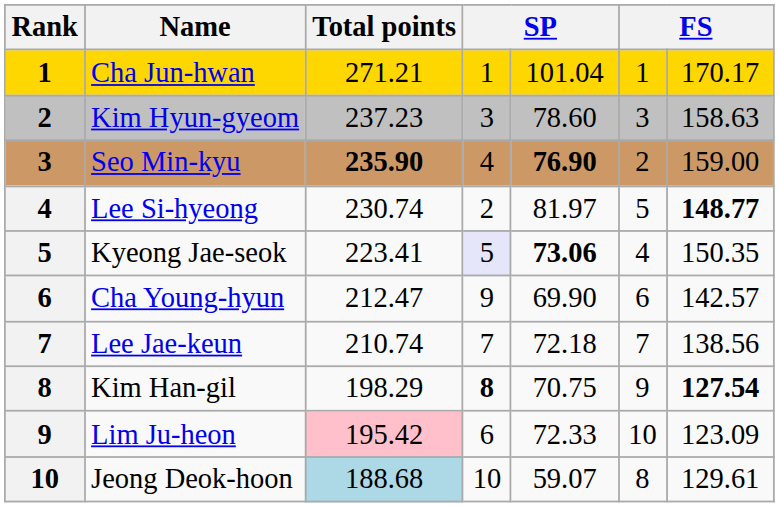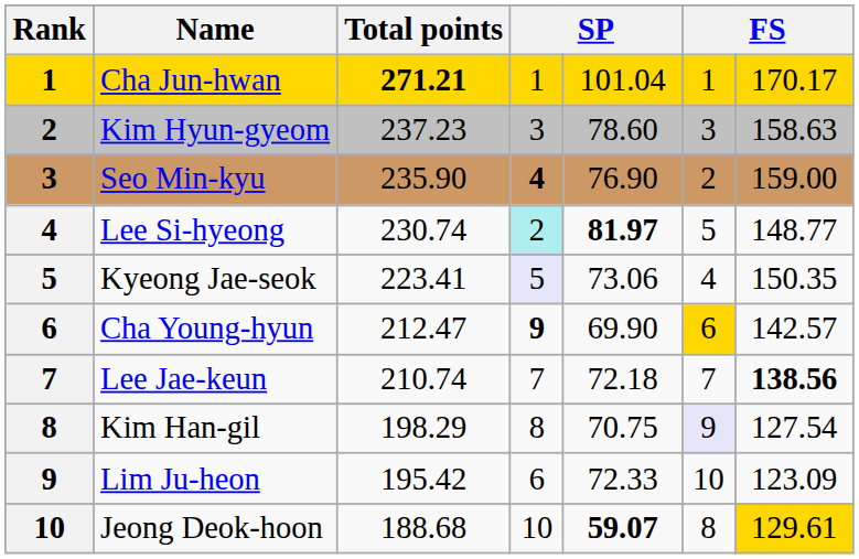 <table class="wikitable sortable">
 <tr>
 <th>Rank</th>
 <th>Name</th>
 <th>Total points</th>
 <th colspan="2" width="80px"><a href='#'>SP</a></th>
 <th colspan="2" width="80px"><a href='#'>FS</a></th>
 </tr>
 <tr bgcolor="gold">
 <td align="center"><strong>1</strong></td>
 <td><a href='#'>Cha Jun-hwan</a></td>
-<td align="center">271.21</td>
+<td align="center"><strong>271.21</strong></td>
 <td align="center">1</td>
 <td align="center">101.04</td>
 <td align="center">1</td>
 <td align="center">170.17</td>
 </tr>
 <tr bgcolor="silver">
 <td align="center"><strong>2</strong></td>
 <td><a href='#'>Kim Hyun-gyeom</a></td>
 <td align="center">237.23</td>
 <td align="center">3</td>
 <td align="center">78.60</td>
 <td align="center">3</td>
 <td align="center">158.63</td>
 </tr>
 <tr bgcolor="cc9966">
 <td align="center"><strong>3</strong></td>
 <td><a href='#'>Seo Min-kyu</a></td>
-<td align="center"><strong>235.90</strong></td>
-<td align="center">4</td>
-<td align="center"><strong>76.90</strong></td>
+<td align="center">235.90</td>
+<td align="center"><strong>4</strong></td>
+<td align="center">76.90</td>
 <td align="center">2</td>
 <td align="center">159.00</td>
 </tr>
 <tr>
 <th>4</th>
 <td><a href='#'>Lee Si-hyeong</a></td>
 <td align="center">230.74</td>
-<td align="center">2</td>
-<td align="center">81.97</td>
+<td align="center" style="background: paleturquoise;">2</td>
+<td align="center"><strong>81.97</strong></td>
 <td align="center">5</td>
-<td align="center"><strong>148.77</strong></td>
+<td align="center">148.77</td>
 </tr>
 <tr>
 <th>5</th>
 <td>Kyeong Jae-seok</td>
 <td align="center">223.41</td>
 <td align="center" style="background: lavender;">5</td>
-<td align="center"><strong>73.06</strong></td>
+<td align="center">73.06</td>
 <td align="center">4</td>
 <td align="center">150.35</td>
 </tr>
 <tr>
 <th>6</th>
 <td><a href='#'>Cha Young-hyun</a></td>
 <td align="center">212.47</td>
-<td align="center">9</td>
+<td align="center"><strong>9</strong></td>
 <td align="center">69.90</td>
-<td align="center">6</td>
+<td align="center" style="background: gold;">6</td>
 <td align="center">142.57</td>
 </tr>
 <tr>
 <th>7</th>
 <td><a href='#'>Lee Jae-keun</a></td>
 <td align="center">210.74</td>
 <td align="center">7</td>
 <td align="center">72.18</td>
 <td align="center">7</td>
-<td align="center">138.56</td>
+<td align="center"><strong>138.56</strong></td>
 </tr>
 <tr>
 <th>8</th>
 <td>Kim Han-gil</td>
 <td align="center">198.29</td>
-<td align="center"><strong>8</strong></td>
+<td align="center">8</td>
 <td align="center">70.75</td>
-<td align="center">9</td>
-<td align="center"><strong>127.54</strong></td>
+<td align="center" style="background: lavender;">9</td>
+<td align="center">127.54</td>
 </tr>
 <tr>
 <th>9</th>
 <td><a href='#'>Lim Ju-heon</a></td>
-<td align="center" style="background: pink;">195.42</td>
+<td align="center">195.42</td>
 <td align="center">6</td>
 <td align="center">72.33</td>
 <td align="center">10</td>
 <td align="center">123.09</td>
 </tr>
 <tr>
 <th>10</th>
 <td>Jeong Deok-hoon</td>
-<td align="center" style="background: lightblue;">188.68</td>
+<td align="center">188.68</td>
 <td align="center">10</td>
-<td align="center">59.07</td>
+<td align="center"><strong>59.07</strong></td>
 <td align="center">8</td>
-<td align="center">129.61</td>
+<td align="center" style="background: gold;">129.61</td>
 </tr>
 </table>
